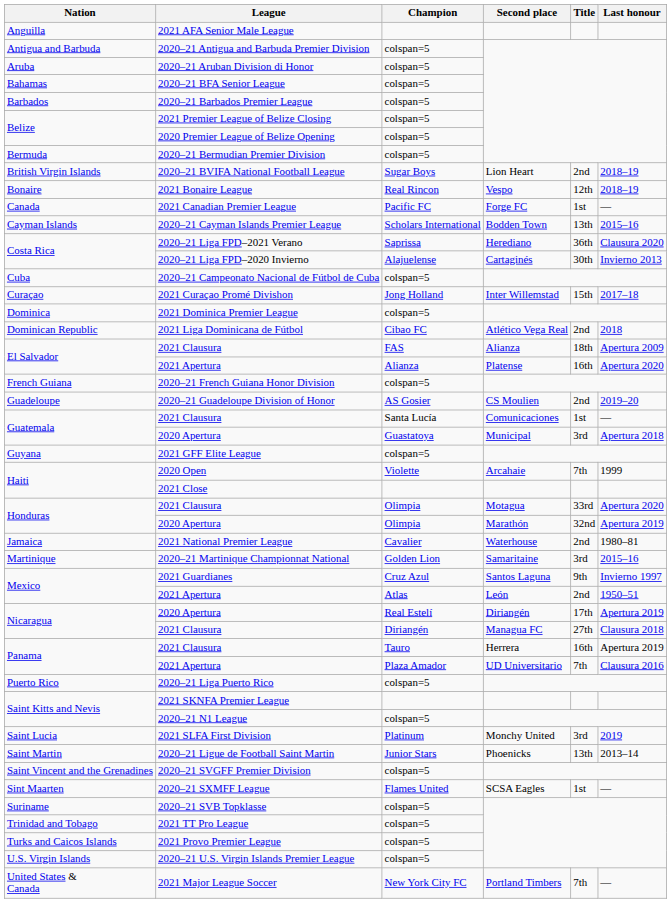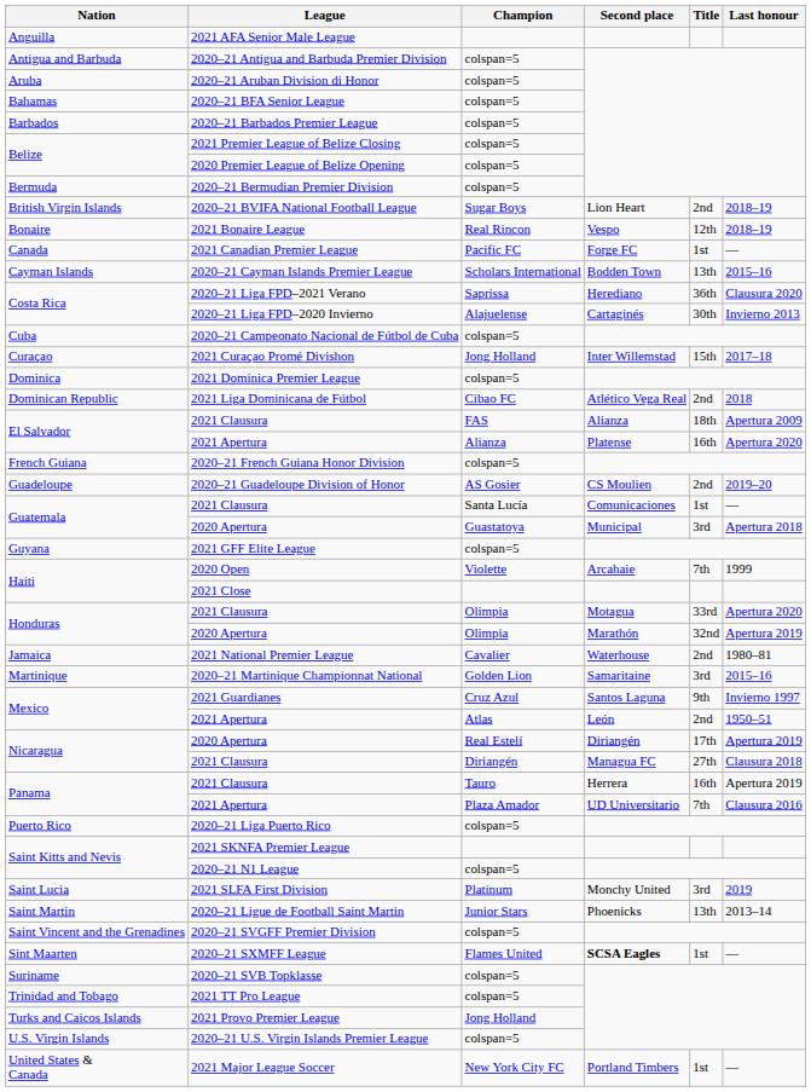 <table class=wikitable style="font-size:14px">
 <tr>
 <th>Nation</th>
 <th>League</th>
 <th>Champion</th>
 <th>Second place</th>
 <th data-sort-type="number">Title</th>
 <th>Last honour</th>
 </tr>
 <tr>
 <td align=left> <a href='#'>Anguilla</a></td>
 <td align=left><a href='#'>2021 AFA Senior Male League</a></td>
 <td></td>
 <td></td>
 <td></td>
 <td></td>
 </tr>
 <tr>
 <td align=left> <a href='#'>Antigua and Barbuda</a></td>
 <td align=left><a href='#'>2020–21 Antigua and Barbuda Premier Division</a></td>
 <td>colspan=5 </td>
 </tr>
 <tr>
 <td align=left> <a href='#'>Aruba</a></td>
 <td align=left><a href='#'>2020–21 Aruban Division di Honor</a></td>
 <td>colspan=5 </td>
 </tr>
 <tr>
 <td align=left> <a href='#'>Bahamas</a></td>
 <td align=left><a href='#'>2020–21 BFA Senior League</a></td>
 <td>colspan=5 </td>
 </tr>
 <tr>
 <td align=left> <a href='#'>Barbados</a></td>
 <td align=left><a href='#'>2020–21 Barbados Premier League</a></td>
 <td>colspan=5 </td>
 </tr>
 <tr>
 <td style="text-align:left;" rowspan="2"> <a href='#'>Belize</a></td>
 <td align=left><a href='#'>2021 Premier League of Belize Closing</a></td>
 <td>colspan=5 </td>
 </tr>
 <tr>
 <td align=left><a href='#'>2020 Premier League of Belize Opening</a></td>
 <td>colspan=5 </td>
 </tr>
 <tr>
 <td align=left> <a href='#'>Bermuda</a></td>
 <td align=left><a href='#'>2020–21 Bermudian Premier Division</a></td>
 <td>colspan=5 </td>
 </tr>
 <tr>
 <td align=left> <a href='#'>British Virgin Islands</a></td>
 <td align=left><a href='#'>2020–21 BVIFA National Football League</a></td>
 <td><a href='#'>Sugar Boys</a></td>
 <td>Lion Heart</td>
 <td>2nd</td>
 <td><a href='#'>2018–19</a></td>
 </tr>
 <tr>
 <td align=left> <a href='#'>Bonaire</a></td>
 <td align=left><a href='#'>2021 Bonaire League</a></td>
 <td><a href='#'>Real Rincon</a></td>
 <td><a href='#'>Vespo</a></td>
 <td>12th</td>
 <td><a href='#'>2018–19</a></td>
 </tr>
 <tr>
 <td align=left> <a href='#'>Canada</a></td>
 <td align=left><a href='#'>2021 Canadian Premier League</a></td>
 <td><a href='#'>Pacific FC</a></td>
 <td><a href='#'>Forge FC</a></td>
 <td>1st</td>
 <td>—</td>
 </tr>
 <tr>
 <td align=left> <a href='#'>Cayman Islands</a></td>
 <td align=left><a href='#'>2020–21 Cayman Islands Premier League</a></td>
 <td><a href='#'>Scholars International</a></td>
 <td><a href='#'>Bodden Town</a></td>
 <td>13th</td>
 <td><a href='#'>2015–16</a></td>
 </tr>
 <tr>
 <td style="text-align:left;" rowspan="2"> <a href='#'>Costa Rica</a></td>
 <td align=left><a href='#'>2020–21 Liga FPD</a>–2021 Verano</td>
 <td><a href='#'>Saprissa</a></td>
 <td><a href='#'>Herediano</a></td>
 <td>36th</td>
 <td><a href='#'>Clausura 2020</a></td>
 </tr>
 <tr>
 <td align=left><a href='#'>2020–21 Liga FPD</a>–2020 Invierno</td>
 <td><a href='#'>Alajuelense</a></td>
 <td><a href='#'>Cartaginés</a></td>
 <td>30th</td>
 <td><a href='#'>Invierno 2013</a></td>
 </tr>
 <tr>
 <td align=left> <a href='#'>Cuba</a></td>
 <td align=left><a href='#'>2020–21 Campeonato Nacional de Fútbol de Cuba</a></td>
 <td>colspan=5 </td>
 </tr>
 <tr>
 <td align=left> <a href='#'>Curaçao</a></td>
 <td align=left><a href='#'>2021 Curaçao Promé Divishon</a></td>
 <td><a href='#'>Jong Holland</a></td>
 <td><a href='#'>Inter Willemstad</a></td>
 <td>15th</td>
 <td><a href='#'>2017–18</a></td>
 </tr>
 <tr>
 <td align=left> <a href='#'>Dominica</a></td>
 <td align=left><a href='#'>2021 Dominica Premier League</a></td>
 <td>colspan=5 </td>
 </tr>
 <tr>
 <td align=left> <a href='#'>Dominican Republic</a></td>
 <td align=left><a href='#'>2021 Liga Dominicana de Fútbol</a></td>
 <td><a href='#'>Cibao FC</a></td>
 <td><a href='#'>Atlético Vega Real</a></td>
 <td>2nd</td>
 <td><a href='#'>2018</a></td>
 </tr>
 <tr>
 <td style="text-align:left;" rowspan="2"> <a href='#'>El Salvador</a></td>
 <td align=left><a href='#'>2021 Clausura</a></td>
 <td><a href='#'>FAS</a></td>
 <td><a href='#'>Alianza</a></td>
 <td>18th</td>
 <td><a href='#'>Apertura 2009</a></td>
 </tr>
 <tr>
 <td align=left><a href='#'>2021 Apertura</a></td>
 <td><a href='#'>Alianza</a></td>
 <td><a href='#'>Platense</a></td>
 <td>16th</td>
 <td><a href='#'>Apertura 2020</a></td>
 </tr>
 <tr>
 <td align=left> <a href='#'>French Guiana</a></td>
 <td align=left><a href='#'>2020–21 French Guiana Honor Division</a></td>
 <td>colspan=5 </td>
 </tr>
 <tr>
 <td align=left> <a href='#'>Guadeloupe</a></td>
 <td align=left><a href='#'>2020–21 Guadeloupe Division of Honor</a></td>
 <td><a href='#'>AS Gosier</a></td>
 <td><a href='#'>CS Moulien</a></td>
 <td>2nd</td>
 <td><a href='#'>2019–20</a></td>
 </tr>
 <tr>
 <td style="text-align:left;" rowspan="2"> <a href='#'>Guatemala</a></td>
 <td align=left><a href='#'>2021 Clausura</a></td>
 <td>Santa Lucía</td>
 <td><a href='#'>Comunicaciones</a></td>
 <td>1st</td>
 <td>—</td>
 </tr>
 <tr>
 <td align=left><a href='#'>2020 Apertura</a></td>
 <td><a href='#'>Guastatoya</a></td>
 <td><a href='#'>Municipal</a></td>
 <td>3rd</td>
 <td><a href='#'>Apertura 2018</a></td>
 </tr>
 <tr>
 <td align=left> <a href='#'>Guyana</a></td>
 <td align=left><a href='#'>2021 GFF Elite League</a></td>
 <td>colspan=5 </td>
 </tr>
 <tr>
 <td style="text-align:left;" rowspan="2"> <a href='#'>Haiti</a></td>
 <td align=left><a href='#'>2020 Open</a></td>
 <td><a href='#'>Violette</a></td>
 <td><a href='#'>Arcahaie</a></td>
 <td>7th</td>
 <td>1999</td>
 </tr>
 <tr>
 <td align=left><a href='#'>2021 Close</a></td>
 <td></td>
 <td></td>
 <td></td>
 <td></td>
 </tr>
 <tr>
 <td style="text-align:left;" rowspan="2"> <a href='#'>Honduras</a></td>
 <td align=left><a href='#'>2021 Clausura</a></td>
 <td><a href='#'>Olimpia</a></td>
 <td><a href='#'>Motagua</a></td>
 <td>33rd</td>
 <td><a href='#'>Apertura 2020</a></td>
 </tr>
 <tr>
 <td align=left><a href='#'>2020 Apertura</a></td>
 <td><a href='#'>Olimpia</a></td>
 <td><a href='#'>Marathón</a></td>
 <td>32nd</td>
 <td><a href='#'>Apertura 2019</a></td>
 </tr>
 <tr>
 <td align=left> <a href='#'>Jamaica</a></td>
 <td align=left><a href='#'>2021 National Premier League</a></td>
 <td><a href='#'>Cavalier</a></td>
 <td><a href='#'>Waterhouse</a></td>
 <td>2nd</td>
 <td>1980–81</td>
 </tr>
 <tr>
 <td align=left> <a href='#'>Martinique</a></td>
 <td align=left><a href='#'>2020–21 Martinique Championnat National</a></td>
 <td><a href='#'>Golden Lion</a></td>
 <td><a href='#'>Samaritaine</a></td>
 <td>3rd</td>
 <td><a href='#'>2015–16</a></td>
 </tr>
 <tr>
 <td style="text-align:left;" rowspan="2"> <a href='#'>Mexico</a></td>
 <td align=left><a href='#'>2021 Guardianes</a></td>
 <td><a href='#'>Cruz Azul</a></td>
 <td><a href='#'>Santos Laguna</a></td>
 <td>9th</td>
 <td><a href='#'>Invierno 1997</a></td>
 </tr>
 <tr>
 <td align=left><a href='#'>2021 Apertura</a></td>
 <td><a href='#'>Atlas</a></td>
 <td><a href='#'>León</a></td>
 <td>2nd</td>
 <td><a href='#'>1950–51</a></td>
 </tr>
 <tr>
 <td style="text-align:left;" rowspan="2"> <a href='#'>Nicaragua</a></td>
 <td align=left><a href='#'>2020 Apertura</a></td>
 <td><a href='#'>Real Estelí</a></td>
 <td><a href='#'>Diriangén</a></td>
 <td>17th</td>
 <td><a href='#'>Apertura 2019</a></td>
 </tr>
 <tr>
 <td align=left><a href='#'>2021 Clausura</a></td>
 <td><a href='#'>Diriangén</a></td>
 <td><a href='#'>Managua FC</a></td>
 <td>27th</td>
 <td><a href='#'>Clausura 2018</a></td>
 </tr>
 <tr>
 <td style="text-align:left;" rowspan="2"> <a href='#'>Panama</a></td>
 <td align=left><a href='#'>2021 Clausura</a></td>
 <td><a href='#'>Tauro</a></td>
 <td>Herrera</td>
 <td>16th</td>
 <td>Apertura 2019</td>
 </tr>
 <tr>
 <td align=left><a href='#'>2021 Apertura</a></td>
 <td><a href='#'>Plaza Amador</a></td>
 <td><a href='#'>UD Universitario</a></td>
 <td>7th</td>
 <td><a href='#'>Clausura 2016</a></td>
 </tr>
 <tr>
 <td align=left> <a href='#'>Puerto Rico</a></td>
 <td align=left><a href='#'>2020–21 Liga Puerto Rico</a></td>
 <td>colspan=5 </td>
 </tr>
 <tr>
 <td style="text-align:left;" rowspan="2"> <a href='#'>Saint Kitts and Nevis</a></td>
 <td align=left><a href='#'>2021 SKNFA Premier League</a></td>
 <td></td>
 <td></td>
 <td></td>
 <td></td>
 </tr>
 <tr>
 <td align=left><a href='#'>2020–21 N1 League</a></td>
 <td>colspan=5 </td>
 </tr>
 <tr>
 <td align=left> <a href='#'>Saint Lucia</a></td>
 <td align=left><a href='#'>2021 SLFA First Division</a></td>
 <td><a href='#'>Platinum</a></td>
 <td>Monchy United</td>
 <td>3rd</td>
 <td><a href='#'>2019</a></td>
 </tr>
 <tr>
 <td align=left> <a href='#'>Saint Martin</a></td>
 <td align=left><a href='#'>2020–21 Ligue de Football Saint Martin</a></td>
 <td><a href='#'>Junior Stars</a></td>
 <td>Phoenicks</td>
 <td>13th</td>
 <td>2013–14</td>
 </tr>
 <tr>
 <td align=left> <a href='#'>Saint Vincent and the Grenadines</a></td>
 <td align=left><a href='#'>2020–21 SVGFF Premier Division</a></td>
 <td>colspan=5 </td>
 </tr>
 <tr>
 <td align=left> <a href='#'>Sint Maarten</a></td>
 <td align=left><a href='#'>2020–21 SXMFF League</a></td>
 <td><a href='#'>Flames United</a></td>
-<td>SCSA Eagles</td>
+<td><strong>SCSA Eagles</strong></td>
 <td>1st</td>
 <td>—</td>
 </tr>
 <tr>
 <td align=left> <a href='#'>Suriname</a></td>
 <td align=left><a href='#'>2020–21 SVB Topklasse</a></td>
 <td>colspan=5 </td>
 </tr>
 <tr>
 <td align=left> <a href='#'>Trinidad and Tobago</a></td>
 <td align=left><a href='#'>2021 TT Pro League</a></td>
 <td>colspan=5 </td>
 </tr>
 <tr>
 <td align=left> <a href='#'>Turks and Caicos Islands</a></td>
 <td align=left><a href='#'>2021 Provo Premier League</a></td>
-<td>colspan=5 </td>
+<td><a href='#'>Jong Holland</a></td>
 </tr>
 <tr>
 <td align=left> <a href='#'>U.S. Virgin Islands</a></td>
 <td align=left><a href='#'>2020–21 U.S. Virgin Islands Premier League</a></td>
 <td>colspan=5 </td>
 </tr>
 <tr>
 <td align=left> <a href='#'>United States</a> &<br> <a href='#'>Canada</a></td>
 <td align=left><a href='#'>2021 Major League Soccer</a></td>
 <td><a href='#'>New York City FC</a></td>
 <td><a href='#'>Portland Timbers</a></td>
-<td>7th</td>
+<td>1st</td>
 <td>—</td>
 </tr>
 </table>
